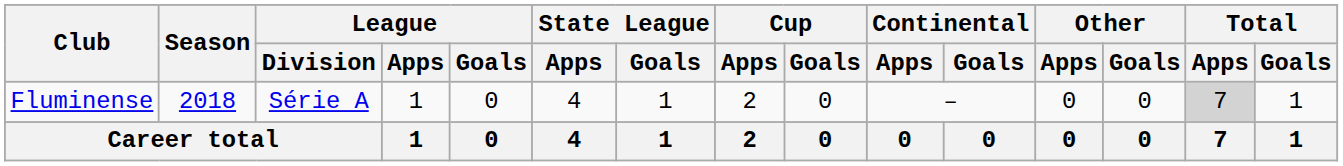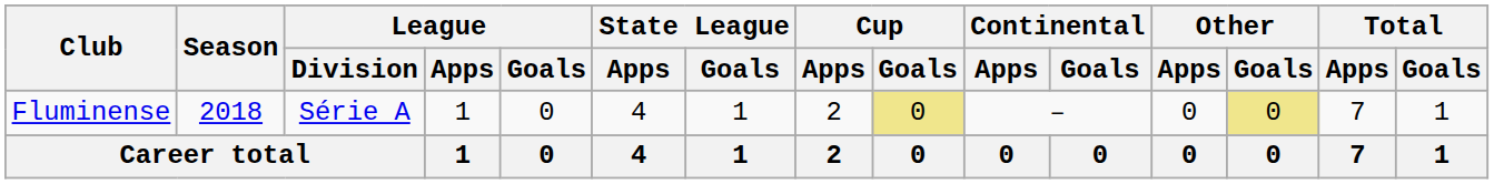 <table class="wikitable" style="text-align: center">
 <tr>
 <th rowspan="2">Club</th>
 <th rowspan="2">Season</th>
 <th colspan="3">League</th>
 <th colspan="2">State League</th>
 <th colspan="2">Cup</th>
 <th colspan="2">Continental</th>
 <th colspan="2">Other</th>
 <th colspan="2">Total</th>
 </tr>
 <tr>
 <th>Division</th>
 <th>Apps</th>
 <th>Goals</th>
 <th>Apps</th>
 <th>Goals</th>
 <th>Apps</th>
 <th>Goals</th>
 <th>Apps</th>
 <th>Goals</th>
 <th>Apps</th>
 <th>Goals</th>
 <th>Apps</th>
 <th>Goals</th>
 </tr>
 <tr>
 <td><a href='#'>Fluminense</a></td>
 <td><a href='#'>2018</a></td>
 <td><a href='#'>Série A</a></td>
 <td>1</td>
 <td>0</td>
 <td>4</td>
 <td>1</td>
 <td>2</td>
-<td>0</td>
+<td style="background: khaki;">0</td>
 <td colspan="2">–</td>
 <td>0</td>
-<td>0</td>
-<td style="background: lightgrey;">7</td>
+<td style="background: khaki;">0</td>
+<td>7</td>
 <td>1</td>
 </tr>
 <tr>
 <th colspan="3"><strong>Career total</strong></th>
 <th>1</th>
 <th>0</th>
 <th>4</th>
 <th>1</th>
 <th>2</th>
 <th>0</th>
 <th>0</th>
 <th>0</th>
 <th>0</th>
 <th>0</th>
 <th>7</th>
 <th>1</th>
 </tr>
 </table>
